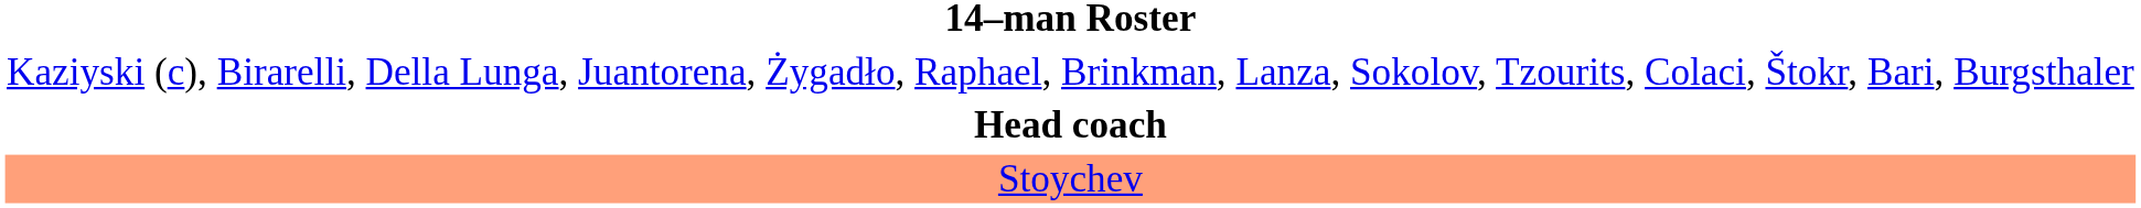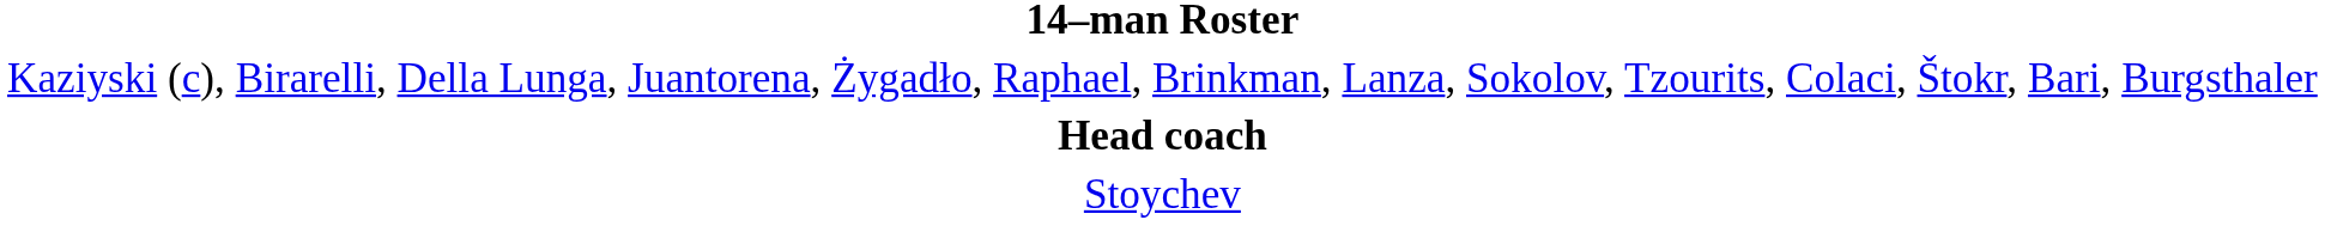 <table style="text-align:center; margin-top:2em; margin-left:auto; margin-right:auto">
 <tr>
 <td><strong>14–man Roster</strong></td>
 </tr>
 <tr>
 <td><a href='#'>Kaziyski</a> (<a href='#'>c</a>), <a href='#'>Birarelli</a>, <a href='#'>Della Lunga</a>, <a href='#'>Juantorena</a>, <a href='#'>Żygadło</a>, <a href='#'>Raphael</a>, <a href='#'>Brinkman</a>, <a href='#'>Lanza</a>, <a href='#'>Sokolov</a>, <a href='#'>Tzourits</a>, <a href='#'>Colaci</a>, <a href='#'>Štokr</a>, <a href='#'>Bari</a>, <a href='#'>Burgsthaler</a></td>
 </tr>
 <tr>
 <td><strong>Head coach</strong></td>
 </tr>
 <tr>
-<td style="background: lightsalmon;"><a href='#'>Stoychev</a></td>
+<td><a href='#'>Stoychev</a></td>
 </tr>
 </table>
